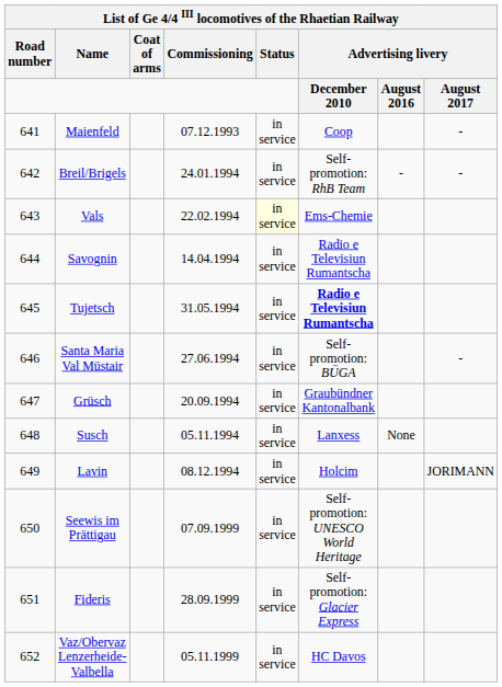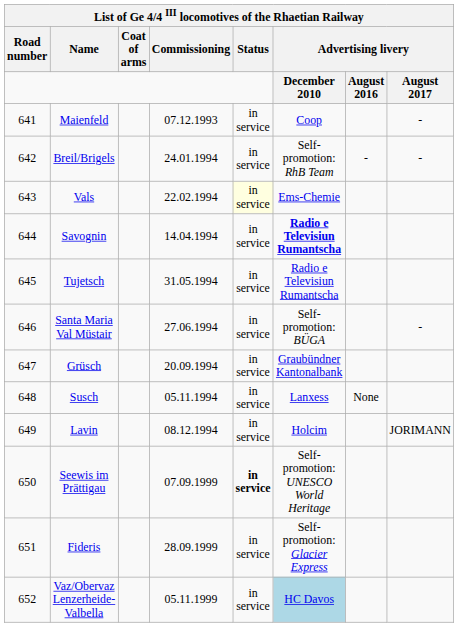 <table class="wikitable">
 <tr align="center" span>
 <th colspan="8">List of Ge 4/4 <sup>III</sup> locomotives of the Rhaetian Railway</th>
 </tr>
 <tr align="center" span>
 <th>Road number</th>
 <th>Name</th>
 <th>Coat of arms</th>
 <th>Commissioning</th>
 <th>Status</th>
 <th colspan="3">Advertising livery</th>
 </tr>
 <tr>
 <td colspan=5></td>
 <th>December 2010</th>
 <th>August 2016</th>
 <th>August 2017</th>
 </tr>
 <tr align="center">
 <td>641</td>
 <td><a href='#'>Maienfeld</a></td>
 <td></td>
 <td>07.12.1993</td>
 <td>in service</td>
 <td><a href='#'>Coop</a></td>
 <td></td>
 <td>-</td>
 </tr>
 <tr align="center">
 <td>642</td>
 <td><a href='#'>Breil/Brigels</a></td>
 <td></td>
 <td>24.01.1994</td>
 <td>in service</td>
 <td>Self-promotion: <em>RhB Team</em></td>
 <td>-</td>
 <td>-</td>
 </tr>
 <tr align="center">
 <td>643</td>
 <td><a href='#'>Vals</a></td>
 <td></td>
 <td>22.02.1994</td>
 <td style="background: lightyellow;">in service</td>
 <td><a href='#'>Ems-Chemie</a></td>
 <td></td>
 <td></td>
 </tr>
 <tr align="center">
 <td>644</td>
 <td><a href='#'>Savognin</a></td>
 <td></td>
 <td>14.04.1994</td>
 <td>in service</td>
-<td><a href='#'>Radio e Televisiun Rumantscha</a></td>
+<td><strong><a href='#'>Radio e Televisiun Rumantscha</a></strong></td>
 <td></td>
 <td></td>
 </tr>
 <tr align="center">
 <td>645</td>
 <td><a href='#'>Tujetsch</a></td>
 <td></td>
 <td>31.05.1994</td>
 <td>in service</td>
-<td><strong><a href='#'>Radio e Televisiun Rumantscha</a></strong></td>
+<td><a href='#'>Radio e Televisiun Rumantscha</a></td>
 <td></td>
 <td></td>
 </tr>
 <tr align="center">
 <td>646</td>
 <td><a href='#'>Santa Maria Val Müstair</a></td>
 <td></td>
 <td>27.06.1994</td>
 <td>in service</td>
 <td>Self-promotion: <em>BÜGA</em></td>
 <td></td>
 <td>-</td>
 </tr>
 <tr align="center">
 <td>647</td>
 <td><a href='#'>Grüsch</a></td>
 <td></td>
 <td>20.09.1994</td>
 <td>in service</td>
 <td><a href='#'>Graubündner Kantonalbank</a></td>
 <td></td>
 <td></td>
 </tr>
 <tr align="center">
 <td>648</td>
 <td><a href='#'>Susch</a></td>
 <td></td>
 <td>05.11.1994</td>
 <td>in service</td>
 <td><a href='#'>Lanxess</a></td>
 <td>None</td>
 <td></td>
 </tr>
 <tr align="center">
 <td>649</td>
 <td><a href='#'>Lavin</a></td>
 <td></td>
 <td>08.12.1994</td>
 <td>in service</td>
 <td><a href='#'>Holcim</a></td>
 <td></td>
 <td>JORIMANN</td>
 </tr>
 <tr align="center">
 <td>650</td>
 <td><a href='#'>Seewis im Prättigau</a></td>
 <td></td>
 <td>07.09.1999</td>
-<td>in service</td>
+<td><strong>in service</strong></td>
 <td>Self-promotion: <em>UNESCO World Heritage</em></td>
 <td></td>
 <td></td>
 </tr>
 <tr align="center">
 <td>651</td>
 <td><a href='#'>Fideris</a></td>
 <td></td>
 <td>28.09.1999</td>
 <td>in service</td>
 <td>Self-promotion: <em><a href='#'>Glacier Express</a></em></td>
 <td></td>
 <td></td>
 </tr>
 <tr align="center">
 <td>652</td>
 <td><a href='#'>Vaz/Obervaz</a><br><a href='#'>Lenzerheide-Valbella</a></td>
 <td></td>
 <td>05.11.1999</td>
 <td>in service</td>
-<td><a href='#'>HC Davos</a></td>
+<td style="background: lightblue;"><a href='#'>HC Davos</a></td>
 <td></td>
 <td></td>
 </tr>
 </table>
